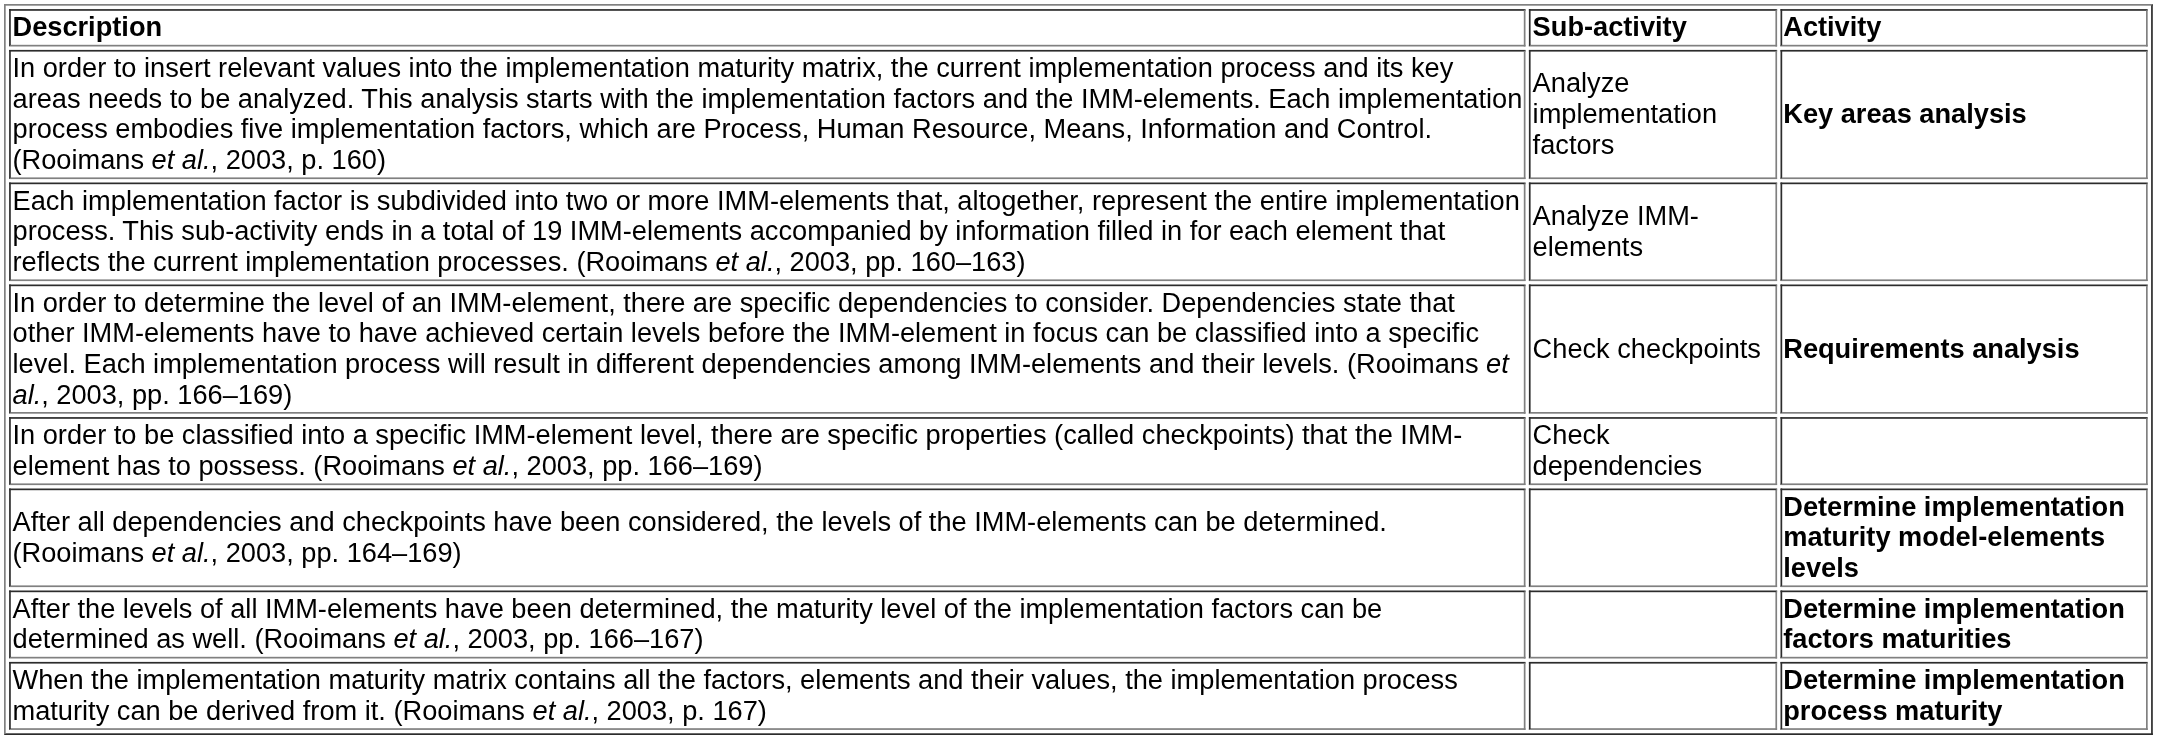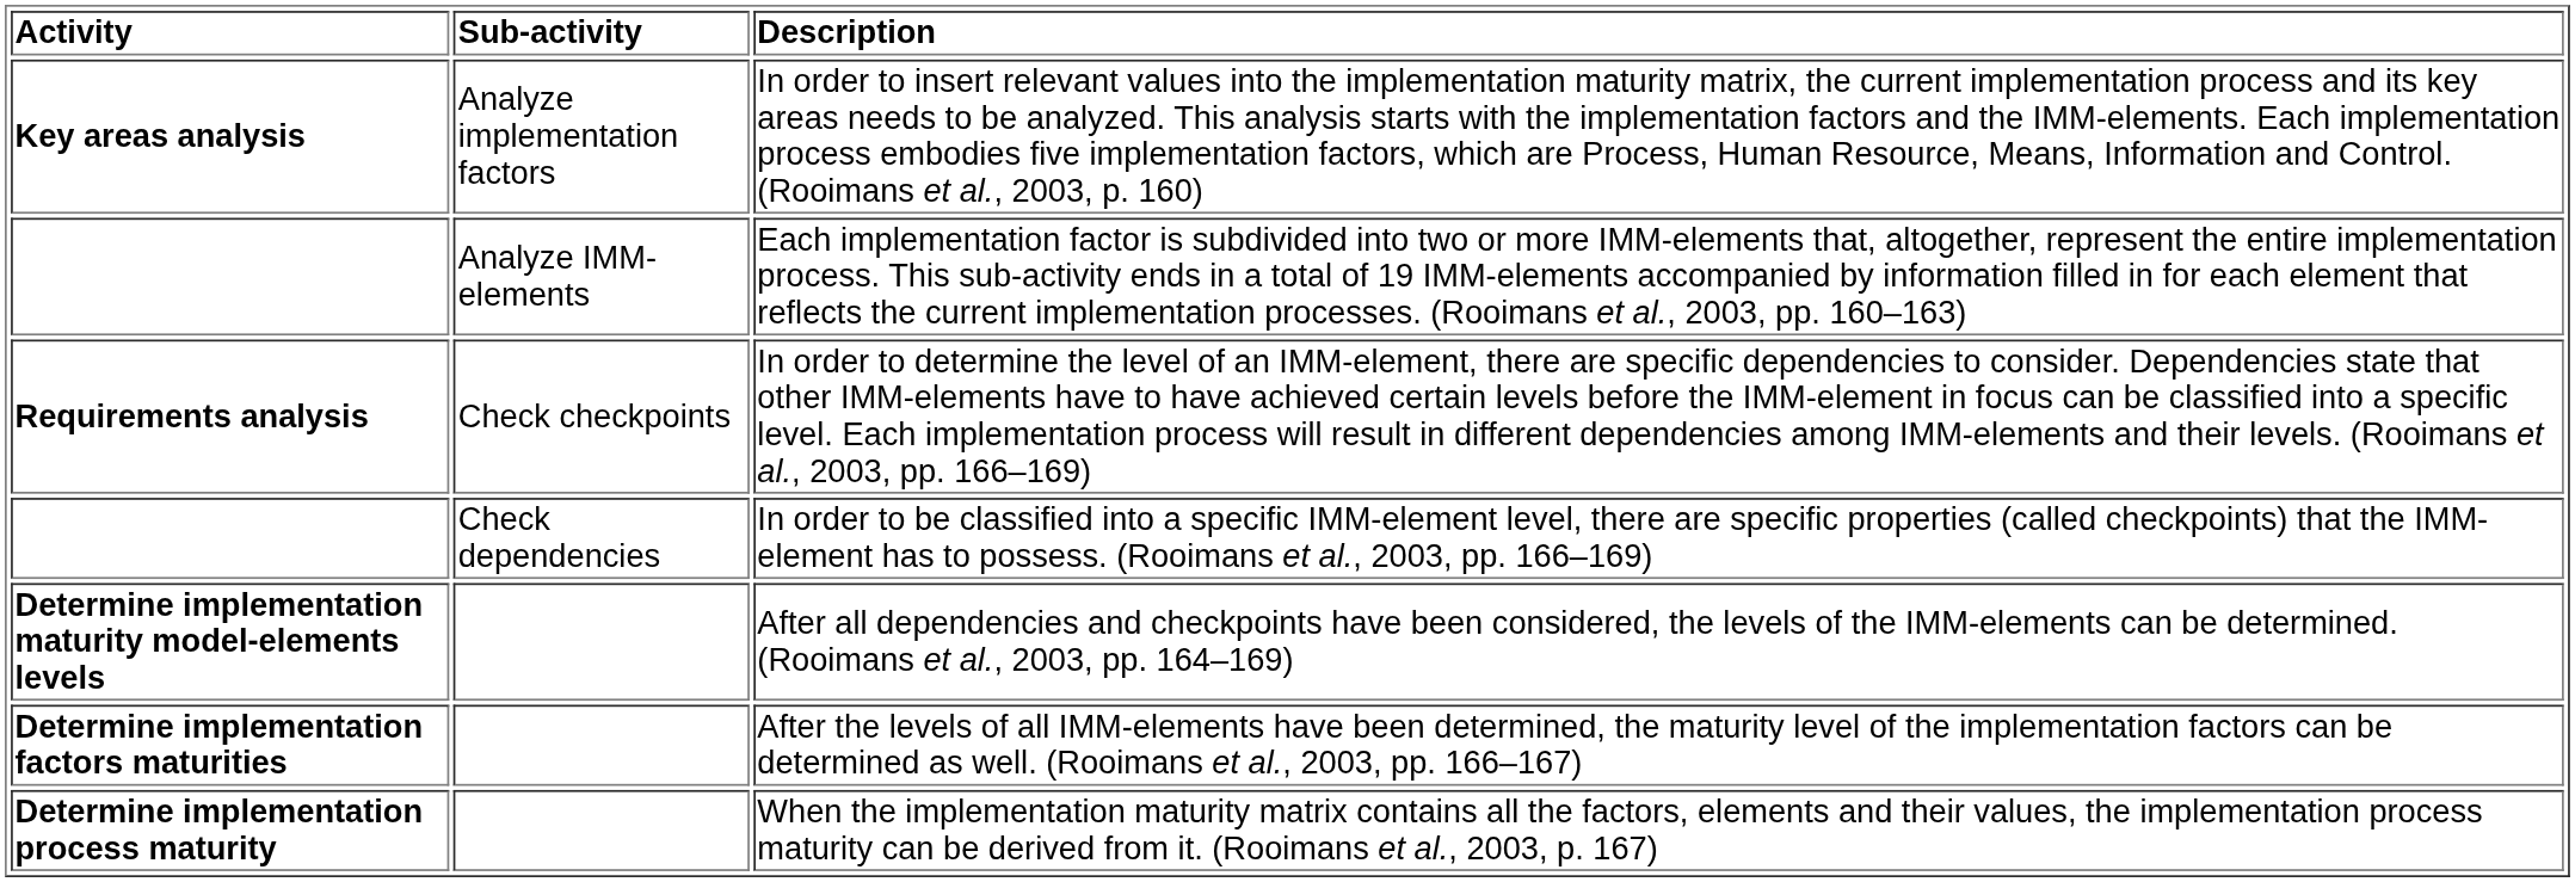 <table style="text-align:left" border="1">
 <tr>
+<th>Activity</th>
+<th>Sub-activity</th>
 <th>Description</th>
-<th>Sub-activity</th>
-<th>Activity</th>
 </tr>
 <tr>
+<td><strong>Key areas analysis</strong></td>
+<td>Analyze implementation factors</td>
 <td>In order to insert relevant values into the implementation maturity matrix, the current implementation process and its key areas needs to be analyzed. This analysis starts with the implementation factors and the IMM-elements. Each implementation process embodies five implementation factors, which are Process, Human Resource, Means, Information and Control. (Rooimans <em>et al.</em>, 2003, p. 160)</td>
-<td>Analyze implementation factors</td>
-<td><strong>Key areas analysis</strong></td>
 </tr>
 <tr>
+<td></td>
+<td>Analyze IMM-elements</td>
 <td>Each implementation factor is subdivided into two or more IMM-elements that, altogether, represent the entire implementation process. This sub-activity ends in a total of 19 IMM-elements accompanied by information filled in for each element that reflects the current implementation processes. (Rooimans <em>et al.</em>, 2003, pp. 160–163)</td>
-<td>Analyze IMM-elements</td>
-<td></td>
 </tr>
 <tr>
+<td><strong>Requirements analysis</strong></td>
+<td>Check checkpoints</td>
 <td>In order to determine the level of an IMM-element, there are specific dependencies to consider. Dependencies state that other IMM-elements have to have achieved certain levels before the IMM-element in focus can be classified into a specific level. Each implementation process will result in different dependencies among IMM-elements and their levels. (Rooimans <em>et al.</em>, 2003, pp. 166–169)</td>
-<td>Check checkpoints</td>
-<td><strong>Requirements analysis</strong></td>
 </tr>
 <tr>
+<td></td>
+<td>Check dependencies</td>
 <td>In order to be classified into a specific IMM-element level, there are specific properties (called checkpoints) that the IMM-element has to possess. (Rooimans <em>et al.</em>, 2003, pp. 166–169)</td>
-<td>Check dependencies</td>
-<td></td>
 </tr>
 <tr>
+<td><strong>Determine implementation maturity model-elements levels</strong></td>
+<td></td>
 <td>After all dependencies and checkpoints have been considered, the levels of the IMM-elements can be determined. (Rooimans <em>et al.</em>, 2003, pp. 164–169)</td>
-<td></td>
-<td><strong>Determine implementation maturity model-elements levels</strong></td>
 </tr>
 <tr>
+<td><strong>Determine implementation factors maturities</strong></td>
+<td></td>
 <td>After the levels of all IMM-elements have been determined, the maturity level of the implementation factors can be determined as well. (Rooimans <em>et al.</em>, 2003, pp. 166–167)</td>
-<td></td>
-<td><strong>Determine implementation factors maturities</strong></td>
 </tr>
 <tr>
+<td><strong>Determine implementation process maturity</strong></td>
+<td></td>
 <td>When the implementation maturity matrix contains all the factors, elements and their values, the implementation process maturity can be derived from it. (Rooimans <em>et al.</em>, 2003, p. 167)</td>
-<td></td>
-<td><strong>Determine implementation process maturity</strong></td>
 </tr>
 </table>
